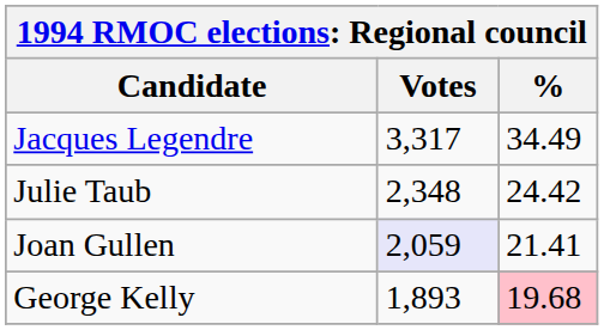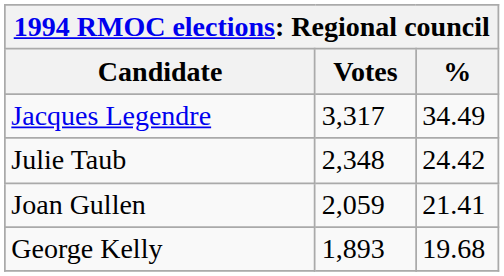 <table class="wikitable">
 <tr>
 <th colspan="3"><a href='#'>1994 RMOC elections</a>: Regional council</th>
 </tr>
 <tr>
 <th style="width: 170px">Candidate</th>
 <th style="width: 50px">Votes</th>
 <th style="width: 40px">%</th>
 </tr>
 <tr>
 <td><a href='#'>Jacques Legendre</a></td>
 <td>3,317</td>
 <td>34.49</td>
 </tr>
 <tr>
 <td>Julie Taub</td>
 <td>2,348</td>
 <td>24.42</td>
 </tr>
 <tr>
 <td>Joan Gullen</td>
-<td style="background: lavender;">2,059</td>
+<td>2,059</td>
 <td>21.41</td>
 </tr>
 <tr>
 <td>George Kelly</td>
 <td>1,893</td>
-<td style="background: pink;">19.68</td>
+<td>19.68</td>
 </tr>
 </table>
